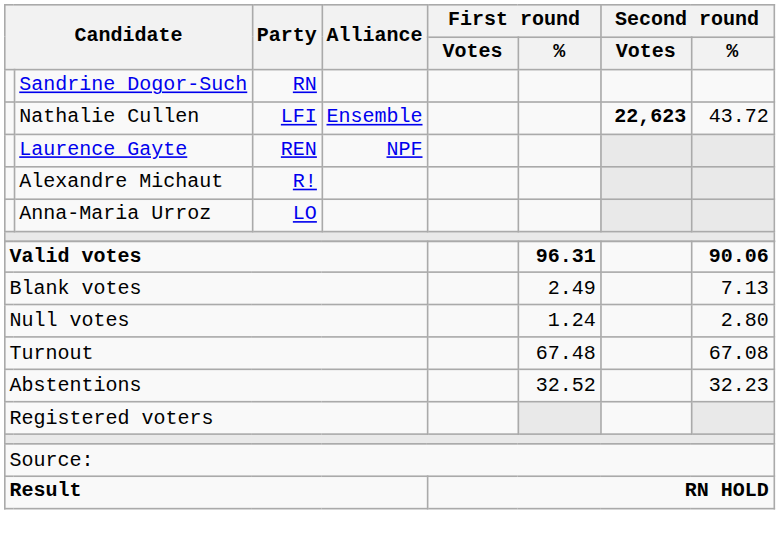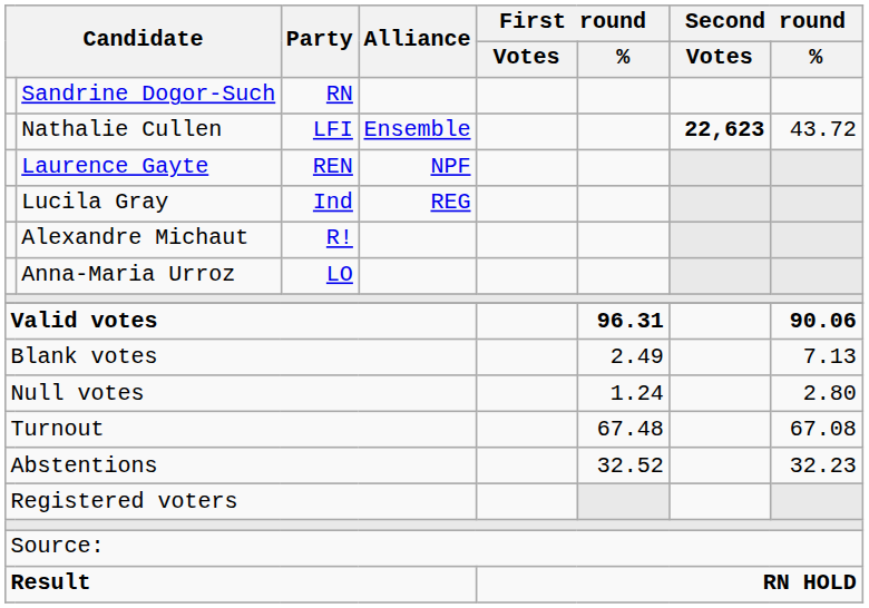 <table class="wikitable" style="text-align:right;font-size:95%;">
 <tr>
 <th colspan="2" rowspan="2">Candidate</th>
 <th colspan="1" rowspan="2">Party</th>
 <th colspan="1" rowspan="2">Alliance</th>
 <th colspan="2">First round</th>
 <th colspan="2">Second round</th>
 </tr>
 <tr>
 <th style="width:50px;">Votes</th>
 <th style="width:45px;">%</th>
 <th style="width:50px;">Votes</th>
 <th style="width:45px;">%</th>
 </tr>
 <tr>
 <td style="color:inherit;background:"></td>
 <td style="text-align:left;"><a href='#'>Sandrine Dogor-Such</a></td>
 <td><a href='#'>RN</a></td>
 <td></td>
 <td></td>
 <td></td>
 <td><strong></strong></td>
 <td><strong></strong></td>
 </tr>
 <tr>
 <td style="color:inherit;background:"></td>
 <td style="text-align:left;">Nathalie Cullen</td>
 <td><a href='#'>LFI</a></td>
 <td><a href='#'>Ensemble</a></td>
 <td></td>
 <td></td>
 <td><strong>22,623</strong></td>
 <td>43.72</td>
 </tr>
 <tr>
 <td style="color:inherit;background:"></td>
 <td style="text-align:left;"><a href='#'>Laurence Gayte</a></td>
 <td><a href='#'>REN</a></td>
 <td><a href='#'>NPF</a></td>
+<td></td>
+<td></td>
+<td style="background:#E9E9E9;"></td>
+<td style="background:#E9E9E9;"></td>
+</tr>
+<tr>
+<td style="color:inherit;background:"></td>
+<td style="text-align:left;">Lucila Gray</td>
+<td><a href='#'>Ind</a></td>
+<td><a href='#'>REG</a></td>
 <td></td>
 <td></td>
 <td style="background:#E9E9E9;"></td>
 <td style="background:#E9E9E9;"></td>
 </tr>
 <tr>
 <td style="color:inherit;background:"></td>
 <td style="text-align:left;">Alexandre Michaut</td>
 <td><a href='#'>R!</a></td>
 <td></td>
 <td></td>
 <td></td>
 <td style="background:#E9E9E9;"></td>
 <td style="background:#E9E9E9;"></td>
 </tr>
 <tr>
 <td style="color:inherit;background:"></td>
 <td style="text-align:left;">Anna-Maria Urroz</td>
 <td><a href='#'>LO</a></td>
 <td></td>
 <td></td>
 <td></td>
 <td style="background:#E9E9E9;"></td>
 <td style="background:#E9E9E9;"></td>
 </tr>
 <tr>
 <td colspan="8" style="background:#E9E9E9;"></td>
 </tr>
 <tr>
 </tr>
 <tr style="font-weight:bold;">
 <td colspan="4" style="text-align:left;">Valid votes</td>
 <td></td>
 <td>96.31</td>
 <td></td>
 <td>90.06</td>
 </tr>
 <tr>
 <td colspan="4" style="text-align:left;">Blank votes</td>
 <td></td>
 <td>2.49</td>
 <td></td>
 <td>7.13</td>
 </tr>
 <tr>
 <td colspan="4" style="text-align:left;">Null votes</td>
 <td></td>
 <td>1.24</td>
 <td></td>
 <td>2.80</td>
 </tr>
 <tr>
 <td colspan="4" style="text-align:left;">Turnout</td>
 <td></td>
 <td>67.48</td>
 <td></td>
 <td>67.08</td>
 </tr>
 <tr>
 <td colspan="4" style="text-align:left;">Abstentions</td>
 <td></td>
 <td>32.52</td>
 <td></td>
 <td>32.23</td>
 </tr>
 <tr>
 <td colspan="4" style="text-align:left;">Registered voters</td>
 <td></td>
 <td style="background:#E9E9E9;"></td>
 <td></td>
 <td style="background:#E9E9E9;"></td>
 </tr>
 <tr>
 <td colspan="8" style="background:#E9E9E9;"></td>
 </tr>
 <tr>
 <td colspan="8" style="text-align:left;">Source: </td>
 </tr>
 <tr style="font-weight:bold">
 <td colspan="4" style="text-align:left;">Result</td>
 <td colspan="4" style="background-color:">RN HOLD</td>
 </tr>
 </table>
